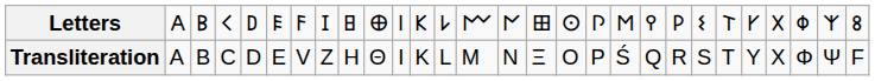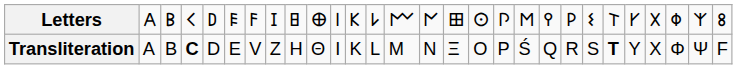 <table class="wikitable">
 <tr>
 <th>Letters</th>
 <td>𐌀</td>
 <td>𐌁</td>
 <td>𐌂</td>
 <td>𐌃</td>
 <td>𐌄</td>
 <td>𐌅</td>
 <td>𐌆</td>
 <td>𐌇</td>
 <td>𐌈</td>
 <td>𐌉</td>
 <td>𐌊</td>
 <td>𐌋</td>
 <td>𐌌</td>
 <td>𐌍</td>
 <td>𐌎</td>
 <td>𐌏</td>
 <td>𐌐</td>
 <td>𐌑</td>
 <td>𐌒</td>
 <td>𐌓</td>
 <td>𐌔</td>
 <td>𐌕</td>
 <td>𐌖</td>
 <td>𐌗</td>
 <td>𐌘</td>
 <td>𐌙</td>
 <td>𐌚</td>
 </tr>
 <tr>
 <th>Transliteration</th>
 <td>A</td>
 <td>B</td>
-<td>C</td>
+<td><strong>C</strong></td>
 <td>D</td>
 <td>E</td>
 <td>V</td>
 <td>Z</td>
 <td>H</td>
 <td>Θ</td>
 <td>I</td>
 <td>K</td>
 <td>L</td>
 <td>M</td>
 <td>N</td>
 <td>Ξ</td>
 <td>O</td>
 <td>P</td>
 <td>Ś</td>
 <td>Q</td>
 <td>R</td>
 <td>S</td>
-<td>T</td>
+<td><strong>T</strong></td>
 <td>Y</td>
 <td>X</td>
 <td>Φ</td>
 <td>Ψ</td>
 <td>F</td>
 </tr>
 </table>
